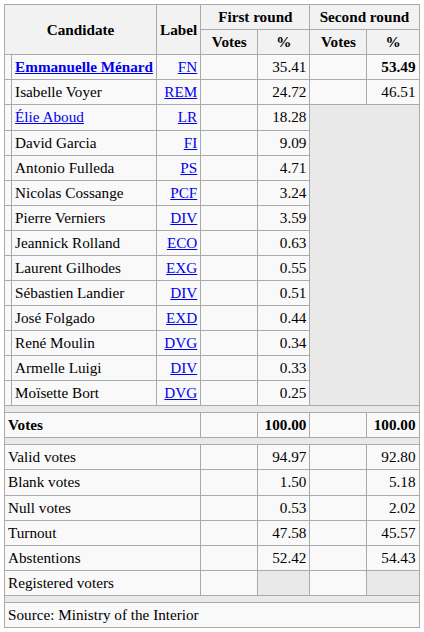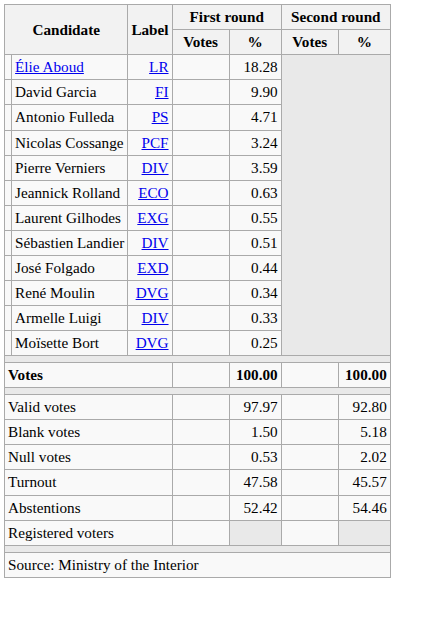 <table class="wikitable" style="text-align:right;font-size:95%;">
 <tr>
 <th rowspan="2" colspan="2">Candidate</th>
 <th rowspan="2">Label</th>
 <th colspan="2">First round</th>
 <th colspan="2">Second round</th>
 </tr>
 <tr>
 <th style="width:50px;">Votes</th>
 <th style="width:45px;">%</th>
 <th style="width:50px;">Votes</th>
 <th style="width:45px;">%</th>
 </tr>
 <tr>
 <td style="color:inherit;background:"></td>
-<td style="text-align:left;"><strong><a href='#'>Emmanuelle Ménard</a></strong></td>
-<td><a href='#'>FN</a></td>
-<td></td>
-<td>35.41</td>
-<td><strong></strong></td>
-<td><strong>53.49</strong></td>
-</tr>
-<tr>
-<td style="color:inherit;background:"></td>
-<td style="text-align:left;">Isabelle Voyer</td>
-<td><a href='#'>REM</a></td>
-<td></td>
-<td>24.72</td>
-<td></td>
-<td>46.51</td>
-</tr>
-<tr>
-<td style="color:inherit;background:"></td>
 <td style="text-align:left;"><a href='#'>Élie Aboud</a></td>
 <td><a href='#'>LR</a></td>
 <td></td>
 <td>18.28</td>
 <td colspan="2" rowspan="12" style="background:#E9E9E9;"></td>
 </tr>
 <tr>
 <td style="color:inherit;background:"></td>
 <td style="text-align:left;">David Garcia</td>
 <td><a href='#'>FI</a></td>
 <td></td>
-<td>9.09</td>
+<td>9.90</td>
 </tr>
 <tr>
 <td style="color:inherit;background:"></td>
 <td style="text-align:left;">Antonio Fulleda</td>
 <td><a href='#'>PS</a></td>
 <td></td>
 <td>4.71</td>
 </tr>
 <tr>
 <td style="color:inherit;background:"></td>
 <td style="text-align:left;">Nicolas Cossange</td>
 <td><a href='#'>PCF</a></td>
 <td></td>
 <td>3.24</td>
 </tr>
 <tr>
 <td style="color:inherit;background:"></td>
 <td style="text-align:left;">Pierre Verniers</td>
 <td><a href='#'>DIV</a></td>
 <td></td>
 <td>3.59</td>
 </tr>
 <tr>
 <td style="color:inherit;background:"></td>
 <td style="text-align:left;">Jeannick Rolland</td>
 <td><a href='#'>ECO</a></td>
 <td></td>
 <td>0.63</td>
 </tr>
 <tr>
 <td style="color:inherit;background:"></td>
 <td style="text-align:left;">Laurent Gilhodes</td>
 <td><a href='#'>EXG</a></td>
 <td></td>
 <td>0.55</td>
 </tr>
 <tr>
 <td style="color:inherit;background:"></td>
 <td style="text-align:left;">Sébastien Landier</td>
 <td><a href='#'>DIV</a></td>
 <td></td>
 <td>0.51</td>
 </tr>
 <tr>
 <td style="color:inherit;background:"></td>
 <td style="text-align:left;">José Folgado</td>
 <td><a href='#'>EXD</a></td>
 <td></td>
 <td>0.44</td>
 </tr>
 <tr>
 <td style="color:inherit;background:"></td>
 <td style="text-align:left;">René Moulin</td>
 <td><a href='#'>DVG</a></td>
 <td></td>
 <td>0.34</td>
 </tr>
 <tr>
 <td style="color:inherit;background:"></td>
 <td style="text-align:left;">Armelle Luigi</td>
 <td><a href='#'>DIV</a></td>
 <td></td>
 <td>0.33</td>
 </tr>
 <tr>
 <td style="color:inherit;background:"></td>
 <td style="text-align:left;">Moïsette Bort</td>
 <td><a href='#'>DVG</a></td>
 <td></td>
 <td>0.25</td>
 </tr>
 <tr>
 <td colspan="7" style="background:#E9E9E9;"></td>
 </tr>
 <tr style="font-weight:bold;">
 <td colspan="3" style="text-align:left;">Votes</td>
 <td></td>
 <td>100.00</td>
 <td></td>
 <td>100.00</td>
 </tr>
 <tr>
 <td colspan="7" style="background:#E9E9E9;"></td>
 </tr>
 <tr>
 <td colspan="3" style="text-align:left;">Valid votes</td>
 <td></td>
-<td>94.97</td>
+<td>97.97</td>
 <td></td>
 <td>92.80</td>
 </tr>
 <tr>
 <td colspan="3" style="text-align:left;">Blank votes</td>
 <td></td>
 <td>1.50</td>
 <td></td>
 <td>5.18</td>
 </tr>
 <tr>
 <td colspan="3" style="text-align:left;">Null votes</td>
 <td></td>
 <td>0.53</td>
 <td></td>
 <td>2.02</td>
 </tr>
 <tr>
 <td colspan="3" style="text-align:left;">Turnout</td>
 <td></td>
 <td>47.58</td>
 <td></td>
 <td>45.57</td>
 </tr>
 <tr>
 <td colspan="3" style="text-align:left;">Abstentions</td>
 <td></td>
 <td>52.42</td>
 <td></td>
-<td>54.43</td>
+<td>54.46</td>
 </tr>
 <tr>
 <td colspan="3" style="text-align:left;">Registered voters</td>
 <td></td>
 <td style="color:inherit;background:#E9E9E9;"></td>
 <td></td>
 <td style="color:inherit;background:#E9E9E9;"></td>
 </tr>
 <tr>
 <td colspan="7" style="background:#E9E9E9;"></td>
 </tr>
 <tr>
 <td colspan="7" style="text-align:left;">Source: Ministry of the Interior</td>
 </tr>
 </table>
